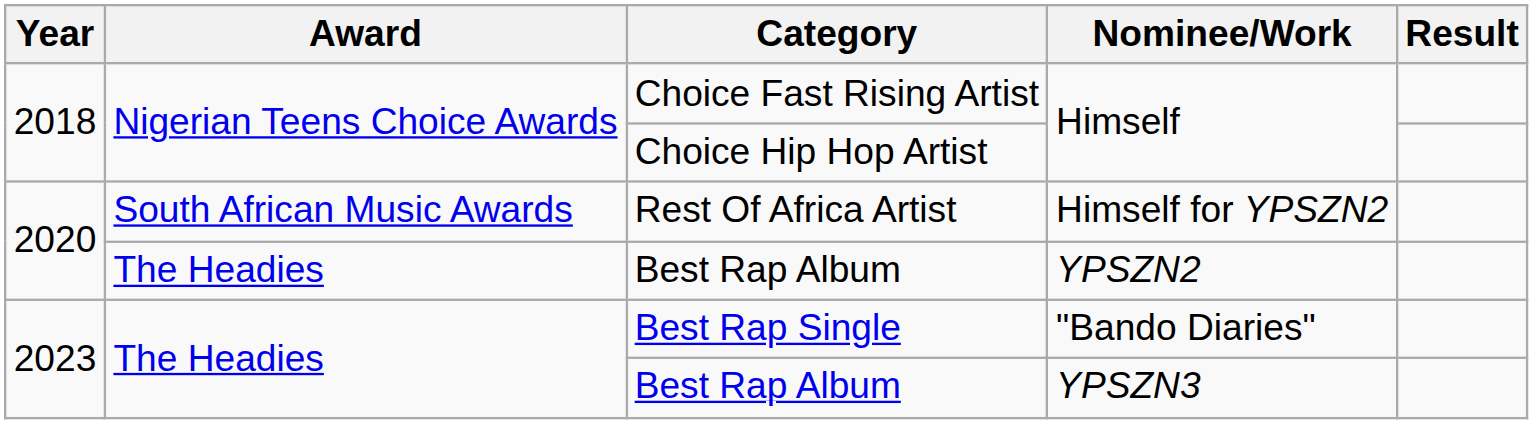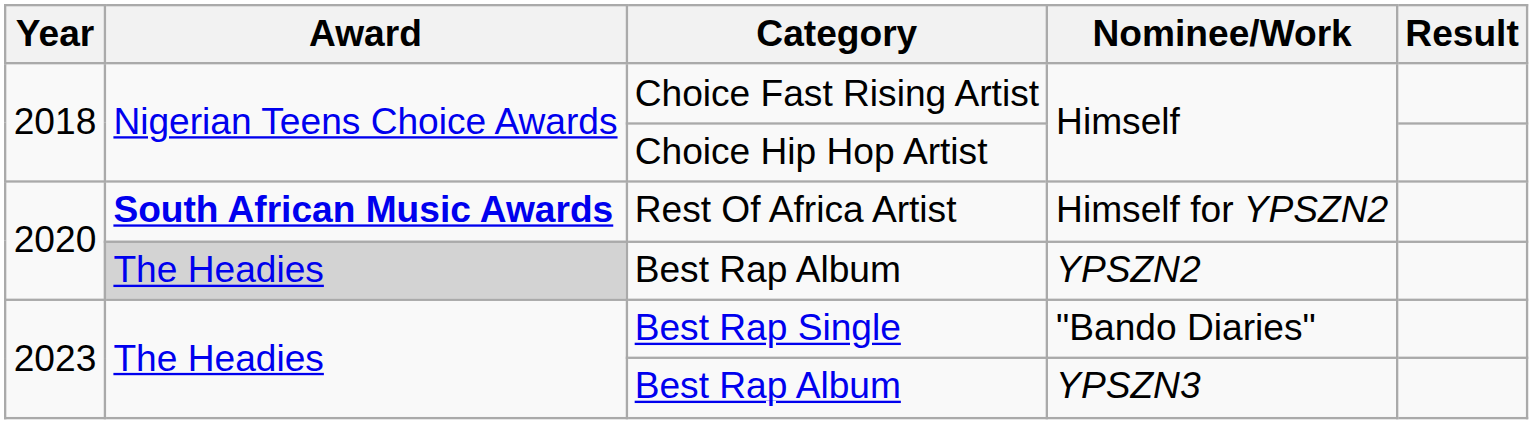 <table class="wikitable">
 <tr>
 <th>Year</th>
 <th>Award</th>
 <th>Category</th>
 <th>Nominee/Work</th>
 <th>Result</th>
 </tr>
 <tr>
 <td rowspan="2">2018</td>
 <td rowspan="2"><a href='#'>Nigerian Teens Choice Awards</a></td>
 <td>Choice Fast Rising Artist</td>
 <td rowspan="2">Himself</td>
 <td></td>
 </tr>
 <tr>
 <td>Choice Hip Hop Artist</td>
 <td></td>
 </tr>
 <tr>
 <td rowspan="2">2020</td>
-<td><a href='#'>South African Music Awards</a></td>
+<td><strong><a href='#'>South African Music Awards</a></strong></td>
 <td>Rest Of Africa Artist</td>
 <td>Himself for <em>YPSZN2</em></td>
 <td></td>
 </tr>
 <tr>
-<td><a href='#'>The Headies</a></td>
+<td style="background: lightgrey;"><a href='#'>The Headies</a></td>
 <td>Best Rap Album</td>
 <td><em>YPSZN2</em></td>
 <td></td>
 </tr>
 <tr>
 <td rowspan="2">2023</td>
 <td rowspan="2"><a href='#'>The Headies</a></td>
 <td><a href='#'>Best Rap Single</a></td>
 <td>"Bando Diaries"</td>
 <td></td>
 </tr>
 <tr>
 <td><a href='#'>Best Rap Album</a></td>
 <td><em>YPSZN3</em></td>
 <td></td>
 </tr>
 </table>
